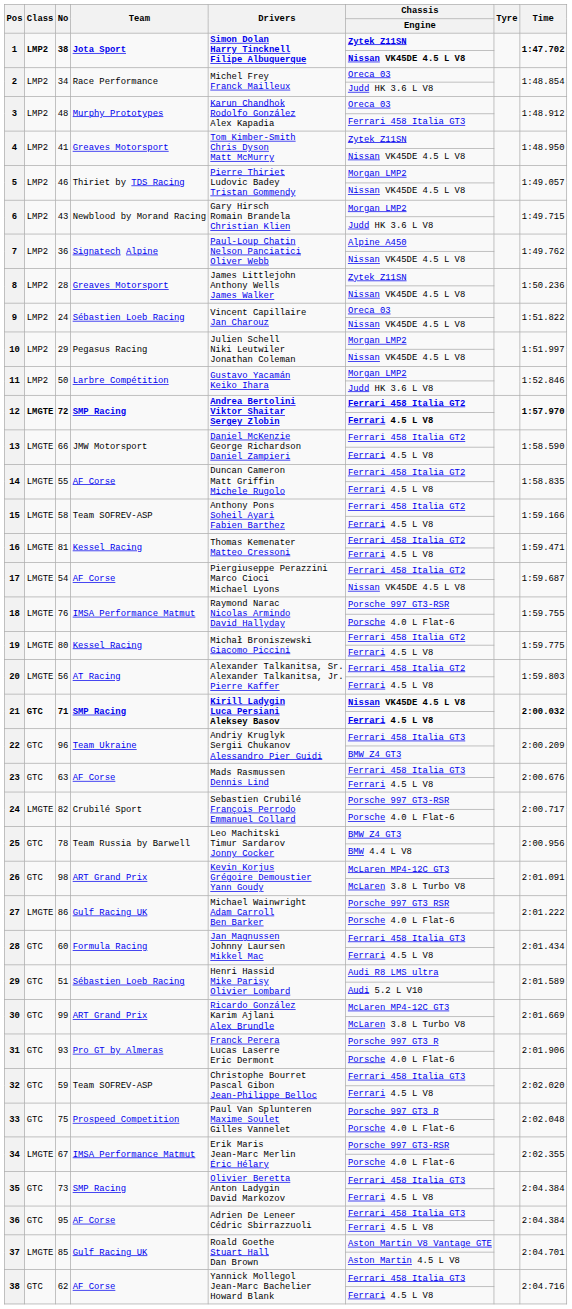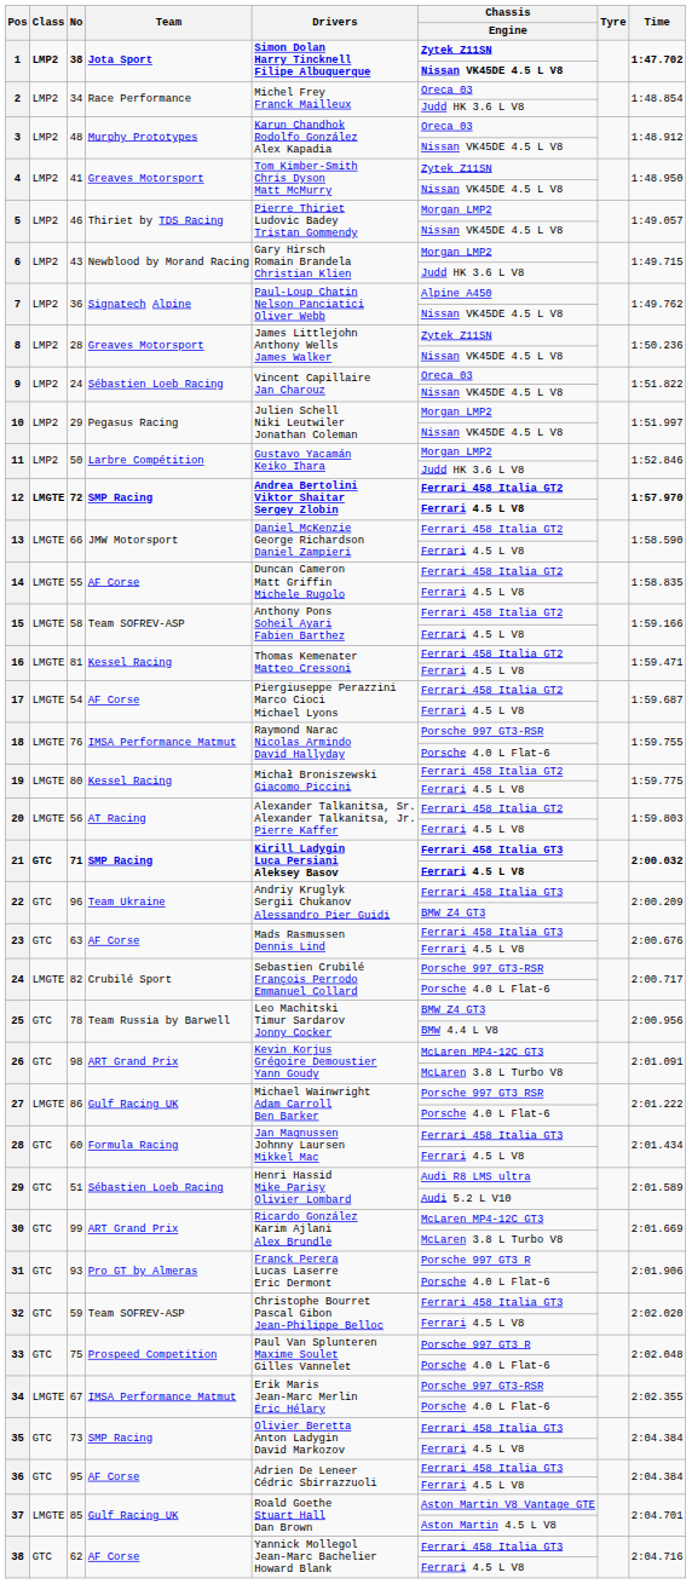 <table class="wikitable" style="font-size: 95%;">
 <tr>
 <th rowspan=2>Pos</th>
 <th rowspan=2>Class</th>
 <th rowspan=2>No</th>
 <th rowspan=2>Team</th>
 <th rowspan=2>Drivers</th>
 <th>Chassis</th>
 <th rowspan=2>Tyre</th>
 <th rowspan=2>Time</th>
 </tr>
 <tr>
 <th>Engine</th>
 </tr>
 <tr style="font-weight:bold">
 <th rowspan=2>1</th>
 <td rowspan=2><span>LMP2</span></td>
 <td rowspan=2>38</td>
 <td rowspan=2> <a href='#'>Jota Sport</a></td>
 <td rowspan=2> <a href='#'>Simon Dolan</a><br> <a href='#'>Harry Tincknell</a><br> <a href='#'>Filipe Albuquerque</a></td>
 <td><a href='#'>Zytek Z11SN</a></td>
 <td rowspan=2></td>
 <td rowspan=2>1:47.702</td>
 </tr>
 <tr style="font-weight:bold">
 <td><a href='#'>Nissan</a> VK45DE 4.5 L V8</td>
 </tr>
 <tr>
 <th rowspan=2>2</th>
 <td rowspan=2><span>LMP2</span></td>
 <td rowspan=2>34</td>
 <td rowspan=2> Race Performance</td>
 <td rowspan=2> Michel Frey<br> <a href='#'>Franck Mailleux</a></td>
 <td><a href='#'>Oreca 03</a></td>
 <td rowspan=2></td>
 <td rowspan=2>1:48.854</td>
 </tr>
 <tr>
 <td><a href='#'>Judd</a> HK 3.6 L V8</td>
 </tr>
 <tr>
 <th rowspan=2>3</th>
 <td rowspan=2><span>LMP2</span></td>
 <td rowspan=2>48</td>
 <td rowspan=2> <a href='#'>Murphy Prototypes</a></td>
 <td rowspan=2> <a href='#'>Karun Chandhok</a><br> <a href='#'>Rodolfo González</a><br> Alex Kapadia</td>
 <td><a href='#'>Oreca 03</a></td>
 <td rowspan=2></td>
 <td rowspan=2>1:48.912</td>
 </tr>
 <tr>
-<td><a href='#'>Ferrari 458 Italia GT3</a></td>
+<td><a href='#'>Nissan</a> VK45DE 4.5 L V8</td>
 </tr>
 <tr>
 <th rowspan=2>4</th>
 <td rowspan=2><span>LMP2</span></td>
 <td rowspan=2>41</td>
 <td rowspan=2> <a href='#'>Greaves Motorsport</a></td>
 <td rowspan=2> <a href='#'>Tom Kimber-Smith</a><br> <a href='#'>Chris Dyson</a><br> <a href='#'>Matt McMurry</a></td>
 <td><a href='#'>Zytek Z11SN</a></td>
 <td rowspan=2></td>
 <td rowspan=2>1:48.950</td>
 </tr>
 <tr>
 <td><a href='#'>Nissan</a> VK45DE 4.5 L V8</td>
 </tr>
 <tr>
 <th rowspan=2>5</th>
 <td rowspan=2><span>LMP2</span></td>
 <td rowspan=2>46</td>
 <td rowspan=2> Thiriet by <a href='#'>TDS Racing</a></td>
 <td rowspan=2> <a href='#'>Pierre Thiriet</a><br> Ludovic Badey<br> <a href='#'>Tristan Gommendy</a></td>
 <td><a href='#'>Morgan LMP2</a></td>
 <td rowspan=2></td>
 <td rowspan=2>1:49.057</td>
 </tr>
 <tr>
 <td><a href='#'>Nissan</a> VK45DE 4.5 L V8</td>
 </tr>
 <tr>
 <th rowspan=2>6</th>
 <td rowspan=2><span>LMP2</span></td>
 <td rowspan=2>43</td>
 <td rowspan=2> Newblood by Morand Racing</td>
 <td rowspan=2> Gary Hirsch<br> Romain Brandela<br> <a href='#'>Christian Klien</a></td>
 <td><a href='#'>Morgan LMP2</a></td>
 <td rowspan=2></td>
 <td rowspan=2>1:49.715</td>
 </tr>
 <tr>
 <td><a href='#'>Judd</a> HK 3.6 L V8</td>
 </tr>
 <tr>
 <th rowspan=2>7</th>
 <td rowspan=2><span>LMP2</span></td>
 <td rowspan=2>36</td>
 <td rowspan=2> <a href='#'>Signatech</a> <a href='#'>Alpine</a></td>
 <td rowspan=2> <a href='#'>Paul-Loup Chatin</a><br> <a href='#'>Nelson Panciatici</a><br> <a href='#'>Oliver Webb</a></td>
 <td><a href='#'>Alpine A450</a></td>
 <td rowspan=2></td>
 <td rowspan=2>1:49.762</td>
 </tr>
 <tr>
 <td><a href='#'>Nissan</a> VK45DE 4.5 L V8</td>
 </tr>
 <tr>
 <th rowspan=2>8</th>
 <td rowspan=2><span>LMP2</span></td>
 <td rowspan=2>28</td>
 <td rowspan=2> <a href='#'>Greaves Motorsport</a></td>
 <td rowspan=2> James Littlejohn<br> Anthony Wells<br> <a href='#'>James Walker</a></td>
 <td><a href='#'>Zytek Z11SN</a></td>
 <td rowspan=2></td>
 <td rowspan=2>1:50.236</td>
 </tr>
 <tr>
 <td><a href='#'>Nissan</a> VK45DE 4.5 L V8</td>
 </tr>
 <tr>
 <th rowspan=2>9</th>
 <td rowspan=2><span>LMP2</span></td>
 <td rowspan=2>24</td>
 <td rowspan=2> <a href='#'>Sébastien Loeb Racing</a></td>
 <td rowspan=2> Vincent Capillaire<br> <a href='#'>Jan Charouz</a></td>
 <td><a href='#'>Oreca 03</a></td>
 <td rowspan=2></td>
 <td rowspan=2>1:51.822</td>
 </tr>
 <tr>
 <td><a href='#'>Nissan</a> VK45DE 4.5 L V8</td>
 </tr>
 <tr>
 <th rowspan=2>10</th>
 <td rowspan=2><span>LMP2</span></td>
 <td rowspan=2>29</td>
 <td rowspan=2> Pegasus Racing</td>
 <td rowspan=2> Julien Schell<br> Niki Leutwiler<br> Jonathan Coleman</td>
 <td><a href='#'>Morgan LMP2</a></td>
 <td rowspan=2></td>
 <td rowspan=2>1:51.997</td>
 </tr>
 <tr>
 <td><a href='#'>Nissan</a> VK45DE 4.5 L V8</td>
 </tr>
 <tr>
 <th rowspan=2>11</th>
 <td rowspan=2><span>LMP2</span></td>
 <td rowspan=2>50</td>
 <td rowspan=2> <a href='#'>Larbre Compétition</a></td>
 <td rowspan=2> <a href='#'>Gustavo Yacamán</a><br> <a href='#'>Keiko Ihara</a></td>
 <td><a href='#'>Morgan LMP2</a></td>
 <td rowspan=2></td>
 <td rowspan=2>1:52.846</td>
 </tr>
 <tr>
 <td><a href='#'>Judd</a> HK 3.6 L V8</td>
 </tr>
 <tr style="font-weight:bold">
 <th rowspan=2>12</th>
 <td rowspan=2><span>LMGTE</span></td>
 <td rowspan=2>72</td>
 <td rowspan=2> <a href='#'>SMP Racing</a></td>
 <td rowspan=2> <a href='#'>Andrea Bertolini</a><br> <a href='#'>Viktor Shaitar</a><br> <a href='#'>Sergey Zlobin</a></td>
 <td><a href='#'>Ferrari 458 Italia GT2</a></td>
 <td rowspan=2></td>
 <td rowspan=2>1:57.970</td>
 </tr>
 <tr style="font-weight:bold">
 <td><a href='#'>Ferrari</a> 4.5 L V8</td>
 </tr>
 <tr>
 <th rowspan=2>13</th>
 <td rowspan=2><span>LMGTE</span></td>
 <td rowspan=2>66</td>
 <td rowspan=2> JMW Motorsport</td>
 <td rowspan=2> <a href='#'>Daniel McKenzie</a><br> George Richardson<br> <a href='#'>Daniel Zampieri</a></td>
 <td><a href='#'>Ferrari 458 Italia GT2</a></td>
 <td rowspan=2></td>
 <td rowspan=2>1:58.590</td>
 </tr>
 <tr>
 <td><a href='#'>Ferrari</a> 4.5 L V8</td>
 </tr>
 <tr>
 <th rowspan=2>14</th>
 <td rowspan=2><span>LMGTE</span></td>
 <td rowspan=2>55</td>
 <td rowspan=2> <a href='#'>AF Corse</a></td>
 <td rowspan=2> Duncan Cameron<br> Matt Griffin<br> <a href='#'>Michele Rugolo</a></td>
 <td><a href='#'>Ferrari 458 Italia GT2</a></td>
 <td rowspan=2></td>
 <td rowspan=2>1:58.835</td>
 </tr>
 <tr>
 <td><a href='#'>Ferrari</a> 4.5 L V8</td>
 </tr>
 <tr>
 <th rowspan=2>15</th>
 <td rowspan=2><span>LMGTE</span></td>
 <td rowspan=2>58</td>
 <td rowspan=2> Team SOFREV-ASP</td>
 <td rowspan=2> Anthony Pons<br> <a href='#'>Soheil Ayari</a><br> <a href='#'>Fabien Barthez</a></td>
 <td><a href='#'>Ferrari 458 Italia GT2</a></td>
 <td rowspan=2></td>
 <td rowspan=2>1:59.166</td>
 </tr>
 <tr>
 <td><a href='#'>Ferrari</a> 4.5 L V8</td>
 </tr>
 <tr>
 <th rowspan=2>16</th>
 <td rowspan=2><span>LMGTE</span></td>
 <td rowspan=2>81</td>
 <td rowspan=2> <a href='#'>Kessel Racing</a></td>
 <td rowspan=2> Thomas Kemenater<br> <a href='#'>Matteo Cressoni</a></td>
 <td><a href='#'>Ferrari 458 Italia GT2</a></td>
 <td rowspan=2></td>
 <td rowspan=2>1:59.471</td>
 </tr>
 <tr>
 <td><a href='#'>Ferrari</a> 4.5 L V8</td>
 </tr>
 <tr>
 <th rowspan=2>17</th>
 <td rowspan=2><span>LMGTE</span></td>
 <td rowspan=2>54</td>
 <td rowspan=2> <a href='#'>AF Corse</a></td>
 <td rowspan=2> Piergiuseppe Perazzini<br> Marco Cioci<br> Michael Lyons</td>
 <td><a href='#'>Ferrari 458 Italia GT2</a></td>
 <td rowspan=2></td>
 <td rowspan=2>1:59.687</td>
 </tr>
 <tr>
-<td><a href='#'>Nissan</a> VK45DE 4.5 L V8</td>
+<td><a href='#'>Ferrari</a> 4.5 L V8</td>
 </tr>
 <tr>
 <th rowspan=2>18</th>
 <td rowspan=2><span>LMGTE</span></td>
 <td rowspan=2>76</td>
 <td rowspan=2> <a href='#'>IMSA Performance Matmut</a></td>
 <td rowspan=2> Raymond Narac<br> <a href='#'>Nicolas Armindo</a><br> <a href='#'>David Hallyday</a></td>
 <td><a href='#'>Porsche 997 GT3-RSR</a></td>
 <td rowspan=2></td>
 <td rowspan=2>1:59.755</td>
 </tr>
 <tr>
 <td><a href='#'>Porsche</a> 4.0 L Flat-6</td>
 </tr>
 <tr>
 <th rowspan=2>19</th>
 <td rowspan=2><span>LMGTE</span></td>
 <td rowspan=2>80</td>
 <td rowspan=2> <a href='#'>Kessel Racing</a></td>
 <td rowspan=2> Michał Broniszewski<br> <a href='#'>Giacomo Piccini</a></td>
 <td><a href='#'>Ferrari 458 Italia GT2</a></td>
 <td rowspan=2></td>
 <td rowspan=2>1:59.775</td>
 </tr>
 <tr>
 <td><a href='#'>Ferrari</a> 4.5 L V8</td>
 </tr>
 <tr>
 <th rowspan=2>20</th>
 <td rowspan=2><span>LMGTE</span></td>
 <td rowspan=2>56</td>
 <td rowspan=2> <a href='#'>AT Racing</a></td>
 <td rowspan=2> Alexander Talkanitsa, Sr.<br> Alexander Talkanitsa, Jr.<br> <a href='#'>Pierre Kaffer</a></td>
 <td><a href='#'>Ferrari 458 Italia GT2</a></td>
 <td rowspan=2></td>
 <td rowspan=2>1:59.803</td>
 </tr>
 <tr>
 <td><a href='#'>Ferrari</a> 4.5 L V8</td>
 </tr>
 <tr style="font-weight:bold">
 <th rowspan=2>21</th>
 <td rowspan=2><span>GTC</span></td>
 <td rowspan=2>71</td>
 <td rowspan=2> <a href='#'>SMP Racing</a></td>
 <td rowspan=2> <a href='#'>Kirill Ladygin</a><br> <a href='#'>Luca Persiani</a><br> Aleksey Basov</td>
-<td><a href='#'>Nissan</a> VK45DE 4.5 L V8</td>
+<td><a href='#'>Ferrari 458 Italia GT3</a></td>
 <td rowspan=2></td>
 <td rowspan=2>2:00.032</td>
 </tr>
 <tr style="font-weight:bold">
 <td><a href='#'>Ferrari</a> 4.5 L V8</td>
 </tr>
 <tr>
 <th rowspan=2>22</th>
 <td rowspan=2><span>GTC</span></td>
 <td rowspan=2>96</td>
 <td rowspan=2> <a href='#'>Team Ukraine</a></td>
 <td rowspan=2> Andriy Kruglyk<br> Sergii Chukanov<br> <a href='#'>Alessandro Pier Guidi</a></td>
 <td><a href='#'>Ferrari 458 Italia GT3</a></td>
 <td rowspan=2></td>
 <td rowspan=2>2:00.209</td>
 </tr>
 <tr>
 <td><a href='#'>BMW Z4 GT3</a></td>
 </tr>
 <tr>
 <th rowspan=2>23</th>
 <td rowspan=2><span>GTC</span></td>
 <td rowspan=2>63</td>
 <td rowspan=2> <a href='#'>AF Corse</a></td>
 <td rowspan=2> Mads Rasmussen<br> <a href='#'>Dennis Lind</a></td>
 <td><a href='#'>Ferrari 458 Italia GT3</a></td>
 <td rowspan=2></td>
 <td rowspan=2>2:00.676</td>
 </tr>
 <tr>
 <td><a href='#'>Ferrari</a> 4.5 L V8</td>
 </tr>
 <tr>
 <th rowspan=2>24</th>
 <td rowspan=2><span>LMGTE</span></td>
 <td rowspan=2>82</td>
 <td rowspan=2> Crubilé Sport</td>
 <td rowspan=2> Sebastien Crubilé<br> <a href='#'>François Perrodo</a><br> <a href='#'>Emmanuel Collard</a></td>
 <td><a href='#'>Porsche 997 GT3-RSR</a></td>
 <td rowspan=2></td>
 <td rowspan=2>2:00.717</td>
 </tr>
 <tr>
 <td><a href='#'>Porsche</a> 4.0 L Flat-6</td>
 </tr>
 <tr>
 <th rowspan=2>25</th>
 <td rowspan=2><span>GTC</span></td>
 <td rowspan=2>78</td>
 <td rowspan=2> Team Russia by Barwell</td>
 <td rowspan=2> Leo Machitski<br> Timur Sardarov<br> <a href='#'>Jonny Cocker</a></td>
 <td><a href='#'>BMW Z4 GT3</a></td>
 <td rowspan=2></td>
 <td rowspan=2>2:00.956</td>
 </tr>
 <tr>
 <td><a href='#'>BMW</a> 4.4 L V8</td>
 </tr>
 <tr>
 <th rowspan=2>26</th>
 <td rowspan=2><span>GTC</span></td>
 <td rowspan=2>98</td>
 <td rowspan=2> <a href='#'>ART Grand Prix</a></td>
 <td rowspan=2> <a href='#'>Kevin Korjus</a><br> <a href='#'>Grégoire Demoustier</a><br> <a href='#'>Yann Goudy</a></td>
 <td><a href='#'>McLaren MP4-12C GT3</a></td>
 <td rowspan=2></td>
 <td rowspan=2>2:01.091</td>
 </tr>
 <tr>
 <td><a href='#'>McLaren</a> 3.8 L Turbo V8</td>
 </tr>
 <tr>
 <th rowspan=2>27</th>
 <td rowspan=2><span>LMGTE</span></td>
 <td rowspan=2>86</td>
 <td rowspan=2> <a href='#'>Gulf Racing UK</a></td>
 <td rowspan=2> Michael Wainwright<br> <a href='#'>Adam Carroll</a><br> <a href='#'>Ben Barker</a></td>
 <td><a href='#'>Porsche 997 GT3 RSR</a></td>
 <td rowspan=2></td>
 <td rowspan=2>2:01.222</td>
 </tr>
 <tr>
 <td><a href='#'>Porsche</a> 4.0 L Flat-6</td>
 </tr>
 <tr>
 <th rowspan=2>28</th>
 <td rowspan=2><span>GTC</span></td>
 <td rowspan=2>60</td>
 <td rowspan=2> <a href='#'>Formula Racing</a></td>
 <td rowspan=2> <a href='#'>Jan Magnussen</a><br> Johnny Laursen<br> <a href='#'>Mikkel Mac</a></td>
 <td><a href='#'>Ferrari 458 Italia GT3</a></td>
 <td rowspan=2></td>
 <td rowspan=2>2:01.434</td>
 </tr>
 <tr>
 <td><a href='#'>Ferrari</a> 4.5 L V8</td>
 </tr>
 <tr>
 <th rowspan=2>29</th>
 <td rowspan=2><span>GTC</span></td>
 <td rowspan=2>51</td>
 <td rowspan=2> <a href='#'>Sébastien Loeb Racing</a></td>
 <td rowspan=2> Henri Hassid<br> <a href='#'>Mike Parisy</a><br> <a href='#'>Olivier Lombard</a></td>
 <td><a href='#'>Audi R8 LMS ultra</a></td>
 <td rowspan=2></td>
 <td rowspan=2>2:01.589</td>
 </tr>
 <tr>
 <td><a href='#'>Audi</a> 5.2 L V10</td>
 </tr>
 <tr>
 <th rowspan=2>30</th>
 <td rowspan=2><span>GTC</span></td>
 <td rowspan=2>99</td>
 <td rowspan=2> <a href='#'>ART Grand Prix</a></td>
 <td rowspan=2> <a href='#'>Ricardo González</a><br> Karim Ajlani<br> <a href='#'>Alex Brundle</a></td>
 <td><a href='#'>McLaren MP4-12C GT3</a></td>
 <td rowspan=2></td>
 <td rowspan=2>2:01.669</td>
 </tr>
 <tr>
 <td><a href='#'>McLaren</a> 3.8 L Turbo V8</td>
 </tr>
 <tr>
 <th rowspan=2>31</th>
 <td rowspan=2><span>GTC</span></td>
 <td rowspan=2>93</td>
 <td rowspan=2> <a href='#'>Pro GT by Almeras</a></td>
 <td rowspan=2> <a href='#'>Franck Perera</a><br> Lucas Laserre<br> Eric Dermont</td>
 <td><a href='#'>Porsche 997 GT3 R</a></td>
 <td rowspan=2></td>
 <td rowspan=2>2:01.906</td>
 </tr>
 <tr>
 <td><a href='#'>Porsche</a> 4.0 L Flat-6</td>
 </tr>
 <tr>
 <th rowspan=2>32</th>
 <td rowspan=2><span>GTC</span></td>
 <td rowspan=2>59</td>
 <td rowspan=2> Team SOFREV-ASP</td>
 <td rowspan=2> Christophe Bourret<br> Pascal Gibon<br> <a href='#'>Jean-Philippe Belloc</a></td>
 <td><a href='#'>Ferrari 458 Italia GT3</a></td>
 <td rowspan=2></td>
 <td rowspan=2>2:02.020</td>
 </tr>
 <tr>
 <td><a href='#'>Ferrari</a> 4.5 L V8</td>
 </tr>
 <tr>
 <th rowspan=2>33</th>
 <td rowspan=2><span>GTC</span></td>
 <td rowspan=2>75</td>
 <td rowspan=2> <a href='#'>Prospeed Competition</a></td>
 <td rowspan=2> Paul Van Splunteren<br> <a href='#'>Maxime Soulet</a><br> Gilles Vannelet</td>
 <td><a href='#'>Porsche 997 GT3 R</a></td>
 <td rowspan=2></td>
 <td rowspan=2>2:02.048</td>
 </tr>
 <tr>
 <td><a href='#'>Porsche</a> 4.0 L Flat-6</td>
 </tr>
 <tr>
 <th rowspan=2>34</th>
 <td rowspan=2><span>LMGTE</span></td>
 <td rowspan=2>67</td>
 <td rowspan=2> <a href='#'>IMSA Performance Matmut</a></td>
 <td rowspan=2> Erik Maris<br> Jean-Marc Merlin<br> <a href='#'>Éric Hélary</a></td>
 <td><a href='#'>Porsche 997 GT3-RSR</a></td>
 <td rowspan=2></td>
 <td rowspan=2>2:02.355</td>
 </tr>
 <tr>
 <td><a href='#'>Porsche</a> 4.0 L Flat-6</td>
 </tr>
 <tr>
 <th rowspan=2>35</th>
 <td rowspan=2><span>GTC</span></td>
 <td rowspan=2>73</td>
 <td rowspan=2> <a href='#'>SMP Racing</a></td>
 <td rowspan=2> <a href='#'>Olivier Beretta</a><br> Anton Ladygin<br> David Markozov</td>
 <td><a href='#'>Ferrari 458 Italia GT3</a></td>
 <td rowspan=2></td>
 <td rowspan=2>2:04.384</td>
 </tr>
 <tr>
 <td><a href='#'>Ferrari</a> 4.5 L V8</td>
 </tr>
 <tr>
 <th rowspan=2>36</th>
 <td rowspan=2><span>GTC</span></td>
 <td rowspan=2>95</td>
 <td rowspan=2> <a href='#'>AF Corse</a></td>
 <td rowspan=2> Adrien De Leneer<br> Cédric Sbirrazzuoli</td>
 <td><a href='#'>Ferrari 458 Italia GT3</a></td>
 <td rowspan=2></td>
 <td rowspan=2>2:04.384</td>
 </tr>
 <tr>
 <td><a href='#'>Ferrari</a> 4.5 L V8</td>
 </tr>
 <tr>
 <th rowspan=2>37</th>
 <td rowspan=2><span>LMGTE</span></td>
 <td rowspan=2>85</td>
 <td rowspan=2> <a href='#'>Gulf Racing UK</a></td>
 <td rowspan=2> Roald Goethe<br> <a href='#'>Stuart Hall</a><br> Dan Brown</td>
 <td><a href='#'>Aston Martin V8 Vantage GTE</a></td>
 <td rowspan=2></td>
 <td rowspan=2>2:04.701</td>
 </tr>
 <tr>
 <td><a href='#'>Aston Martin</a> 4.5 L V8</td>
 </tr>
 <tr>
 <th rowspan=2>38</th>
 <td rowspan=2><span>GTC</span></td>
 <td rowspan=2>62</td>
 <td rowspan=2> <a href='#'>AF Corse</a></td>
 <td rowspan=2> Yannick Mollegol<br> Jean-Marc Bachelier<br> Howard Blank</td>
 <td><a href='#'>Ferrari 458 Italia GT3</a></td>
 <td rowspan=2></td>
 <td rowspan=2>2:04.716</td>
 </tr>
 <tr>
 <td><a href='#'>Ferrari</a> 4.5 L V8</td>
 </tr>
 </table>
